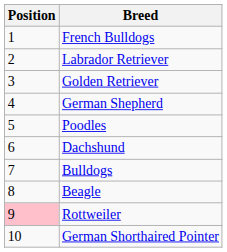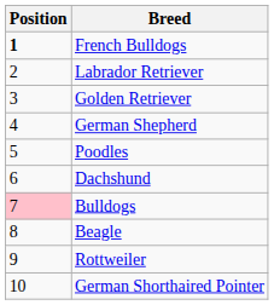 <table class="wikitable sortable">
 <tr>
 <th>Position</th>
 <th>Breed</th>
 </tr>
 <tr>
-<td>1</td>
+<td><strong>1</strong></td>
 <td><a href='#'>French Bulldogs</a></td>
 </tr>
 <tr>
 <td>2</td>
 <td><a href='#'>Labrador Retriever</a></td>
 </tr>
 <tr>
 <td>3</td>
 <td><a href='#'>Golden Retriever</a></td>
 </tr>
 <tr>
 <td>4</td>
 <td><a href='#'>German Shepherd</a></td>
 </tr>
 <tr>
 <td>5</td>
 <td><a href='#'>Poodles</a></td>
 </tr>
 <tr>
 <td>6</td>
 <td><a href='#'>Dachshund</a></td>
 </tr>
 <tr>
-<td>7</td>
+<td style="background: pink;">7</td>
 <td><a href='#'>Bulldogs</a></td>
 </tr>
 <tr>
 <td>8</td>
 <td><a href='#'>Beagle</a></td>
 </tr>
 <tr>
-<td style="background: pink;">9</td>
+<td>9</td>
 <td><a href='#'>Rottweiler</a></td>
 </tr>
 <tr>
 <td>10</td>
 <td><a href='#'>German Shorthaired Pointer</a></td>
 </tr>
 </table>
